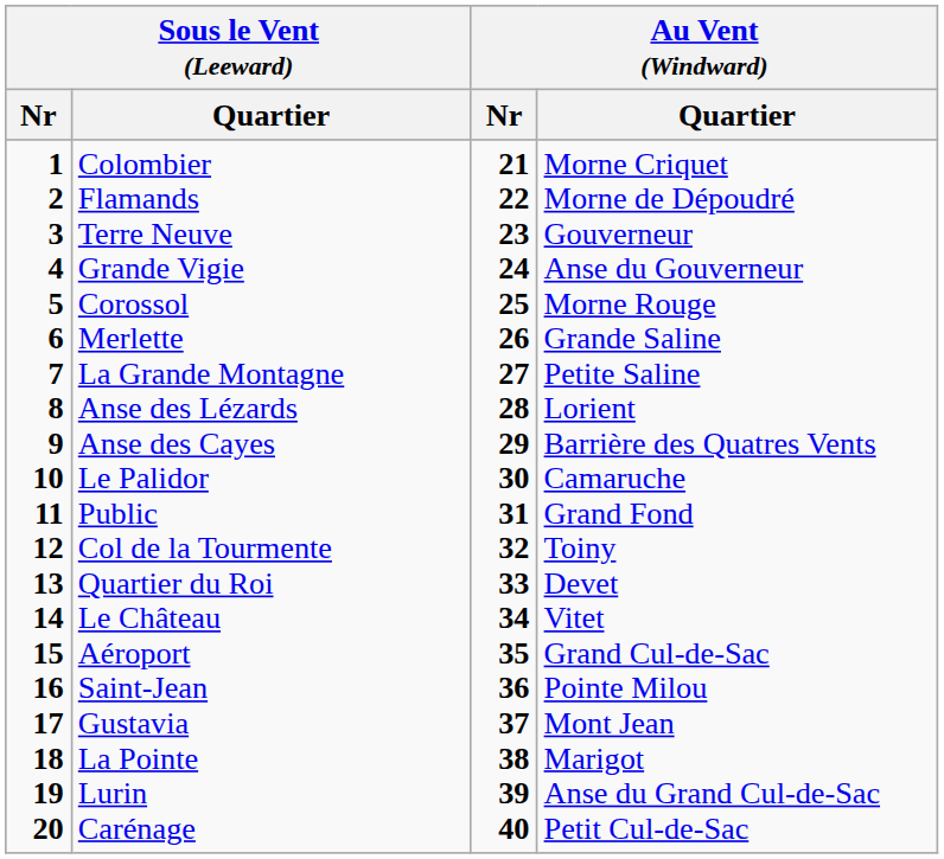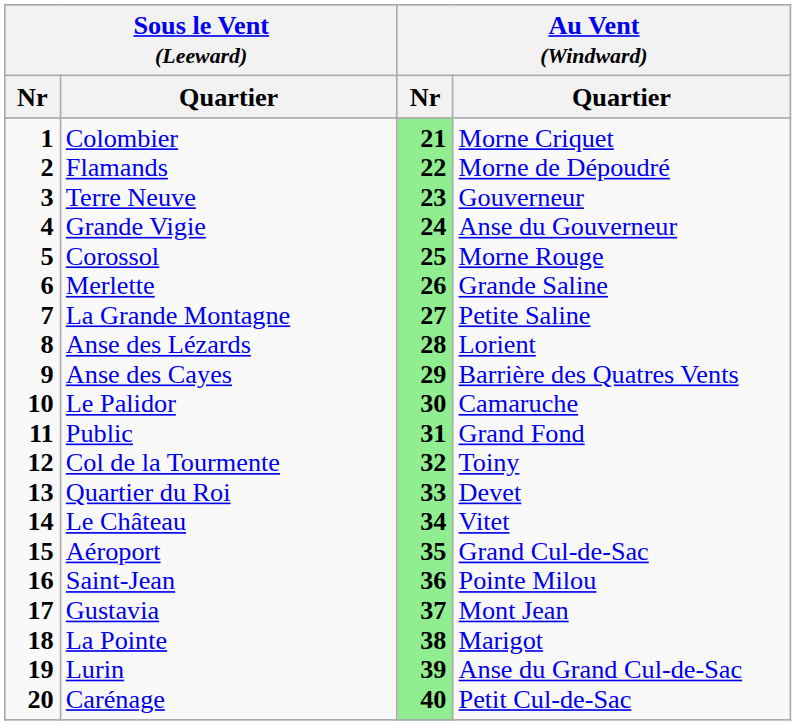 <table class="wikitable" style="width:480px;">
 <tr style="background:#fef6d2;"|>
 <th colspan="2" style="width:50%;"><a href='#'>Sous le Vent</a><br><small><em>(Leeward)</em></small></th>
 <th colspan="2"><a href='#'>Au Vent</a><small><br><em>(Windward)</em></small></th>
 </tr>
 <tr style="background:#f7f7f7;"|>
 <th style="width:7%;">Nr</th>
 <th>Quartier</th>
 <th style="width:7%;">Nr</th>
 <th>Quartier</th>
 </tr>
 <tr>
 <td align=right><strong>1</strong><br><strong>2</strong><br><strong>3</strong><br><strong>4</strong><br><strong>5</strong><br><strong>6</strong><br><strong>7</strong><br><strong>8</strong><br><strong>9</strong><br><strong>10</strong><br><strong>11</strong><br><strong>12</strong><br><strong>13</strong><br><strong>14</strong><br><strong>15</strong><br><strong>16</strong><br><strong>17</strong><br><strong>18</strong><br><strong>19</strong><br><strong>20</strong></td>
 <td><a href='#'>Colombier</a><br><a href='#'>Flamands</a><br><a href='#'>Terre Neuve</a><br><a href='#'>Grande Vigie</a><br><a href='#'>Corossol</a><br><a href='#'>Merlette</a><br><a href='#'>La Grande Montagne</a><br><a href='#'>Anse des Lézards</a><br><a href='#'>Anse des Cayes</a><br><a href='#'>Le Palidor</a><br><a href='#'>Public</a><br><a href='#'>Col de la Tourmente</a><br><a href='#'>Quartier du Roi</a><br><a href='#'>Le Château</a><br><a href='#'>Aéroport</a><br><a href='#'>Saint-Jean</a><br><a href='#'>Gustavia</a><br><a href='#'>La Pointe</a><br><a href='#'>Lurin</a><br><a href='#'>Carénage</a></td>
-<td align=right><strong>21</strong><br><strong>22</strong><br><strong>23</strong><br><strong>24</strong><br><strong>25</strong><br><strong>26</strong><br><strong>27</strong><br><strong>28</strong><br><strong>29</strong><br><strong>30</strong><br><strong>31</strong><br><strong>32</strong><br><strong>33</strong><br><strong>34</strong><br><strong>35</strong><br><strong>36</strong><br><strong>37</strong><br><strong>38</strong><br><strong>39</strong><br><strong>40</strong></td>
+<td align=right style="background: lightgreen;"><strong>21</strong><br><strong>22</strong><br><strong>23</strong><br><strong>24</strong><br><strong>25</strong><br><strong>26</strong><br><strong>27</strong><br><strong>28</strong><br><strong>29</strong><br><strong>30</strong><br><strong>31</strong><br><strong>32</strong><br><strong>33</strong><br><strong>34</strong><br><strong>35</strong><br><strong>36</strong><br><strong>37</strong><br><strong>38</strong><br><strong>39</strong><br><strong>40</strong></td>
 <td><a href='#'>Morne Criquet</a><br><a href='#'>Morne de Dépoudré</a><br><a href='#'>Gouverneur</a><br><a href='#'>Anse du Gouverneur</a><br><a href='#'>Morne Rouge</a><br><a href='#'>Grande Saline</a><br><a href='#'>Petite Saline</a><br><a href='#'>Lorient</a><br><a href='#'>Barrière des Quatres Vents</a><br><a href='#'>Camaruche</a><br><a href='#'>Grand Fond</a><br><a href='#'>Toiny</a><br><a href='#'>Devet</a><br><a href='#'>Vitet</a><br><a href='#'>Grand Cul-de-Sac</a><br><a href='#'>Pointe Milou</a><br><a href='#'>Mont Jean</a><br><a href='#'>Marigot</a><br><a href='#'>Anse du Grand Cul-de-Sac</a><br><a href='#'>Petit Cul-de-Sac</a></td>
 </tr>
 </table>
